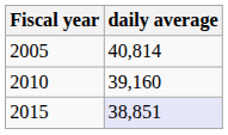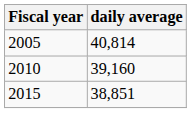 <table class="wikitable">
 <tr>
 <th>Fiscal year</th>
 <th>daily average</th>
 </tr>
 <tr>
 <td>2005</td>
 <td>40,814</td>
 </tr>
 <tr>
 <td>2010</td>
 <td>39,160</td>
 </tr>
 <tr>
 <td>2015</td>
-<td style="background: lavender;">38,851</td>
+<td>38,851</td>
 </tr>
 <tr>
 </tr>
 </table>
